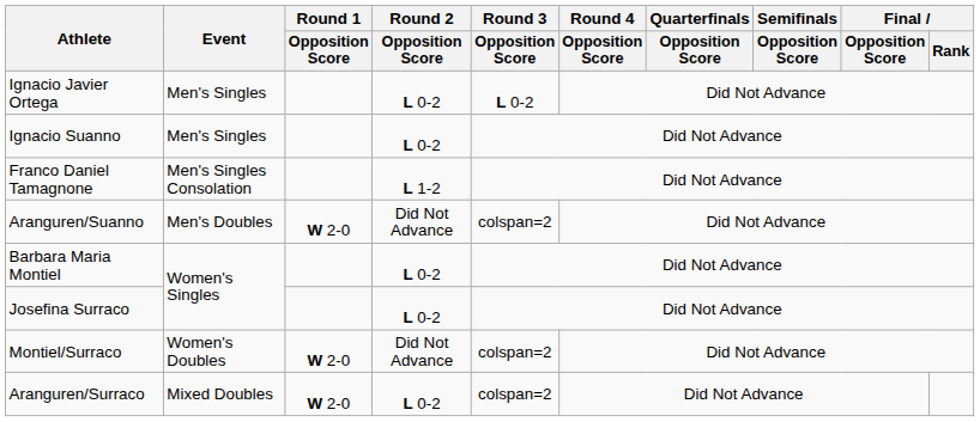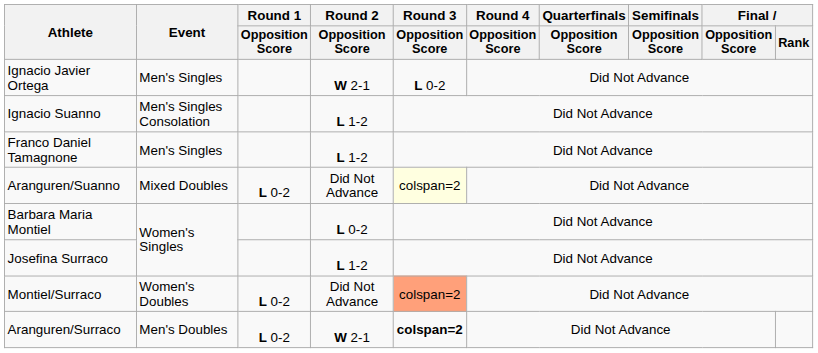 <table class=wikitable style="font-size:90%">
 <tr>
 <th rowspan="2">Athlete</th>
 <th rowspan="2">Event</th>
 <th>Round 1</th>
 <th>Round 2</th>
 <th>Round 3</th>
 <th>Round 4</th>
 <th>Quarterfinals</th>
 <th>Semifinals</th>
 <th colspan=2>Final / </th>
 </tr>
 <tr style="font-size:95%">
 <th>Opposition<br>Score</th>
 <th>Opposition<br>Score</th>
 <th>Opposition<br>Score</th>
 <th>Opposition<br>Score</th>
 <th>Opposition<br>Score</th>
 <th>Opposition<br>Score</th>
 <th>Opposition<br>Score</th>
 <th>Rank</th>
 </tr>
 <tr align=center>
 <td align=left>Ignacio Javier Ortega</td>
 <td align=left>Men's Singles</td>
 <td></td>
-<td><br><strong>L</strong> 0-2</td>
+<td><br><strong>W</strong> 2-1</td>
 <td><br><strong>L</strong> 0-2</td>
 <td colspan=5>Did Not Advance</td>
 </tr>
 <tr align=center>
 <td align=left>Ignacio Suanno</td>
-<td align=left>Men's Singles</td>
-<td></td>
-<td><br><strong>L</strong> 0-2</td>
-<td colspan=6>Did Not Advance</td>
-</tr>
-<tr align=center>
-<td align=left>Franco Daniel Tamagnone</td>
 <td align=left>Men's Singles Consolation</td>
 <td></td>
 <td><br><strong>L</strong> 1-2</td>
 <td colspan=6>Did Not Advance</td>
 </tr>
 <tr align=center>
+<td align=left>Franco Daniel Tamagnone</td>
+<td align=left>Men's Singles</td>
+<td></td>
+<td><br><strong>L</strong> 1-2</td>
+<td colspan=6>Did Not Advance</td>
+</tr>
+<tr align=center>
 <td align=left>Aranguren/Suanno</td>
-<td align=left>Men's Doubles</td>
-<td><br><strong>W</strong> 2-0</td>
+<td align=left>Mixed Doubles</td>
+<td><br><strong>L</strong> 0-2</td>
 <td>Did Not Advance</td>
-<td>colspan=2 </td>
+<td style="background: lightyellow;">colspan=2 </td>
 <td colspan=5>Did Not Advance</td>
 </tr>
 <tr align=center>
 <td align=left>Barbara Maria Montiel</td>
 <td align=left rowspan=2>Women's Singles</td>
 <td></td>
 <td><br><strong>L</strong> 0-2</td>
 <td colspan=6>Did Not Advance</td>
 </tr>
 <tr align=center>
 <td align=left>Josefina Surraco</td>
 <td></td>
-<td><br><strong>L</strong> 0-2</td>
+<td><br><strong>L</strong> 1-2</td>
 <td colspan=6>Did Not Advance</td>
 </tr>
 <tr align=center>
 <td align=left>Montiel/Surraco</td>
 <td align=left>Women's Doubles</td>
-<td><br><strong>W</strong> 2-0</td>
+<td><br><strong>L</strong> 0-2</td>
 <td>Did Not Advance</td>
-<td>colspan=2 </td>
+<td style="background: lightsalmon;">colspan=2 </td>
 <td colspan=5>Did Not Advance</td>
 </tr>
 <tr align=center>
 <td align=left>Aranguren/Surraco</td>
-<td align=left>Mixed Doubles</td>
-<td><br><strong>W</strong> 2-0</td>
+<td align=left>Men's Doubles</td>
 <td><br><strong>L</strong> 0-2</td>
-<td>colspan=2 </td>
+<td><br><strong>W</strong> 2-1</td>
+<td><strong>colspan=2 </strong></td>
 <td colspan=4>Did Not Advance</td>
 </tr>
 </table>
